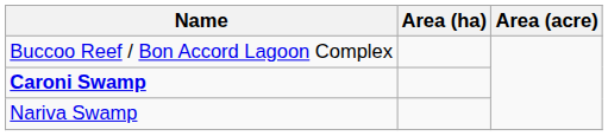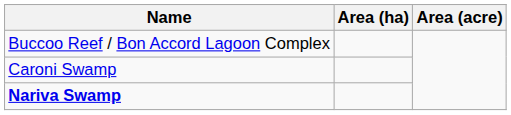 <table class="wikitable sortable">
 <tr>
 <th scope="col" align=left>Name</th>
 <th scope="col">Area (ha)</th>
 <th scope="col">Area (acre)</th>
 </tr>
 <tr ---->
 <td><a href='#'>Buccoo Reef</a> / <a href='#'>Bon Accord Lagoon</a> Complex</td>
 <td></td>
 </tr>
 <tr ---->
-<td><strong><a href='#'>Caroni Swamp</a></strong></td>
+<td><a href='#'>Caroni Swamp</a></td>
 <td></td>
 </tr>
 <tr ---->
-<td><a href='#'>Nariva Swamp</a></td>
+<td><strong><a href='#'>Nariva Swamp</a></strong></td>
 <td></td>
 </tr>
 </table>
